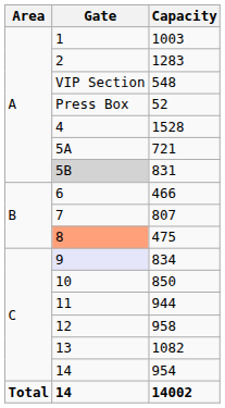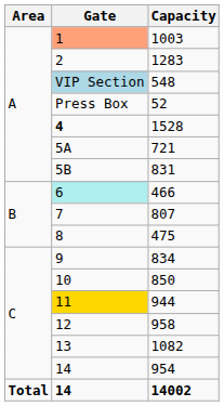 <table class="wikitable" border="1">
 <tr>
 <th>Area</th>
 <th>Gate</th>
 <th>Capacity</th>
 </tr>
 <tr>
 <td rowspan="7">A</td>
-<td>1</td>
+<td style="background: lightsalmon;">1</td>
 <td>1003</td>
 </tr>
 <tr>
 <td>2</td>
 <td>1283</td>
 </tr>
 <tr>
-<td>VIP Section</td>
+<td style="background: lightblue;">VIP Section</td>
 <td>548</td>
 </tr>
 <tr>
 <td>Press Box</td>
 <td>52</td>
 </tr>
 <tr>
-<td>4</td>
+<td><strong>4</strong></td>
 <td>1528</td>
 </tr>
 <tr>
 <td>5A</td>
 <td>721</td>
 </tr>
 <tr>
-<td style="background: lightgrey;">5B</td>
+<td>5B</td>
 <td>831</td>
 </tr>
 <tr>
 <td rowspan="3">B</td>
-<td>6</td>
+<td style="background: paleturquoise;">6</td>
 <td>466</td>
 </tr>
 <tr>
 <td>7</td>
 <td>807</td>
 </tr>
 <tr>
-<td style="background: lightsalmon;">8</td>
+<td>8</td>
 <td>475</td>
 </tr>
 <tr>
 <td rowspan="6">C</td>
-<td style="background: lavender;">9</td>
+<td>9</td>
 <td>834</td>
 </tr>
 <tr>
 <td>10</td>
 <td>850</td>
 </tr>
 <tr>
-<td>11</td>
+<td style="background: gold;">11</td>
 <td>944</td>
 </tr>
 <tr>
 <td>12</td>
 <td>958</td>
 </tr>
 <tr>
 <td>13</td>
 <td>1082</td>
 </tr>
 <tr>
 <td>14</td>
 <td>954</td>
 </tr>
 <tr>
 <td><strong>Total</strong></td>
 <td><strong>14</strong></td>
 <td><strong>14002</strong></td>
 </tr>
 </table>
